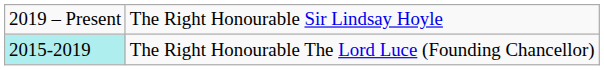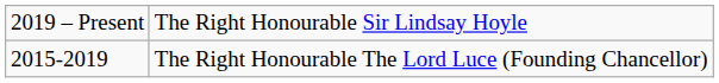 <table class="wikitable">
 <tr>
 <td>2019 – Present</td>
 <td>The Right Honourable <a href='#'>Sir Lindsay Hoyle</a></td>
 </tr>
 <tr>
-<td style="background: paleturquoise;">2015-2019</td>
+<td>2015-2019</td>
 <td>The Right Honourable The <a href='#'>Lord Luce</a> (Founding Chancellor)</td>
 </tr>
 </table>
